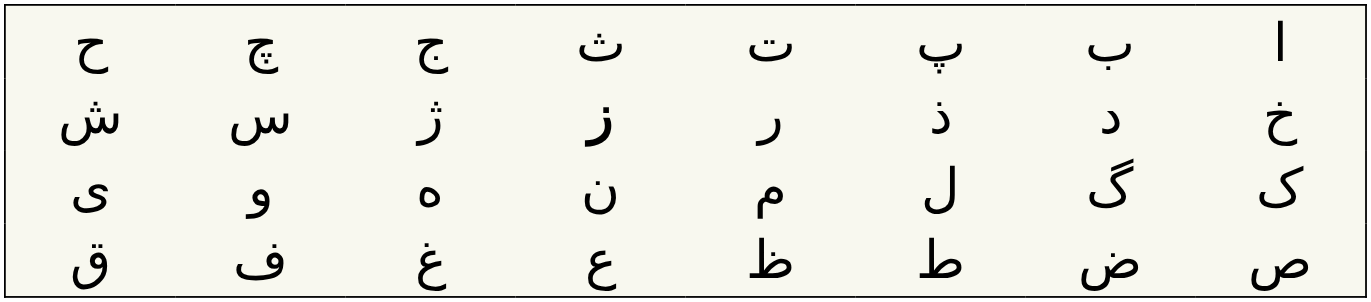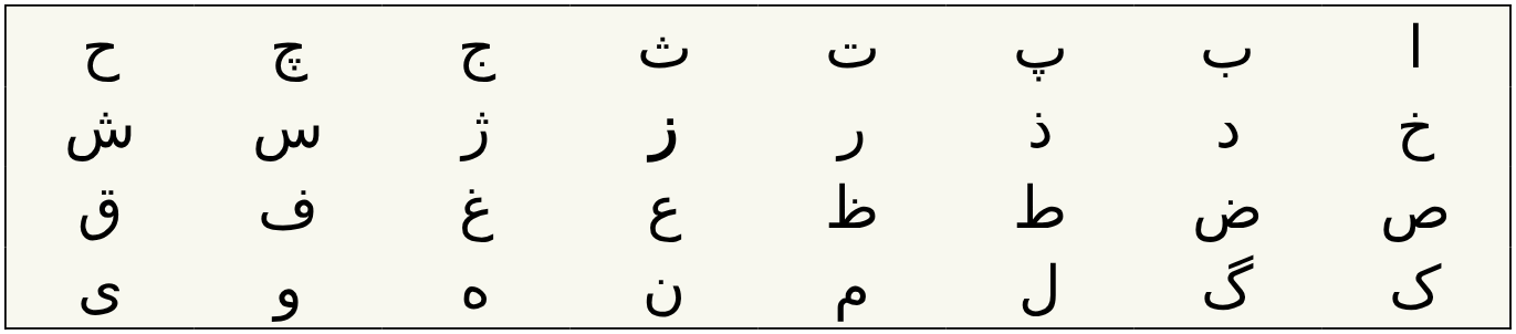 <table style="font-family:Arial; font-size:30px; border-color:#000000; border-width:1px; border-style:solid; border-collapse:collapse; background-color:#F8F8EF">
 <tr>
 <td style="width:3em; text-align:center; padding: 3px;">ح</td>
 <td style="width:3em; text-align:center; padding: 3px;">چ</td>
 <td style="width:3em; text-align:center; padding: 3px;">ج</td>
 <td style="width:3em; text-align:center; padding: 3px;">ث</td>
 <td style="width:3em; text-align:center; padding: 3px;">ت</td>
 <td style="width:3em; text-align:center; padding: 3px;">پ</td>
 <td style="width:3em; text-align:center; padding: 3px;">ب</td>
 <td style="width:3em; text-align:center; padding: 3px;">ا</td>
 </tr>
 <tr>
 <td style="width:3em; text-align:center; padding: 3px;">ش</td>
 <td style="width:3em; text-align:center; padding: 3px;">س</td>
 <td style="width:3em; text-align:center; padding: 3px;">ژ</td>
 <td style="width:3em; text-align:center; padding: 3px;"><strong>ز</strong></td>
 <td style="width:3em; text-align:center; padding: 3px;">ر</td>
 <td style="width:3em; text-align:center; padding: 3px;">ذ</td>
 <td style="width:3em; text-align:center; padding: 3px;">د</td>
 <td style="width:3em; text-align:center; padding: 3px;">خ</td>
 </tr>
 <tr>
+<td style="width:3em; text-align:center; padding: 3px;">ق</td>
+<td style="width:3em; text-align:center; padding: 3px;">ف</td>
+<td style="width:3em; text-align:center; padding: 3px;">غ</td>
+<td style="width:3em; text-align:center; padding: 3px;">ع</td>
+<td style="width:3em; text-align:center; padding: 3px;">ظ</td>
+<td style="width:3em; text-align:center; padding: 3px;">ط</td>
+<td style="width:3em; text-align:center; padding: 3px;">ض</td>
+<td style="width:3em; text-align:center; padding: 3px;">ص</td>
+</tr>
+<tr>
 <td style="width:3em; text-align:center; padding: 3px;">ی</td>
 <td style="width:3em; text-align:center; padding: 3px;">و</td>
 <td style="width:3em; text-align:center; padding: 3px;">ه</td>
 <td style="width:3em; text-align:center; padding: 3px;">ن</td>
 <td style="width:3em; text-align:center; padding: 3px;">م</td>
 <td style="width:3em; text-align:center; padding: 3px;">ل</td>
 <td style="width:3em; text-align:center; padding: 3px;">گ</td>
 <td style="width:3em; text-align:center; padding: 3px;">ک</td>
 </tr>
-<tr>
-<td style="width:3em; text-align:center; padding: 3px;">ق</td>
-<td style="width:3em; text-align:center; padding: 3px;">ف</td>
-<td style="width:3em; text-align:center; padding: 3px;">غ</td>
-<td style="width:3em; text-align:center; padding: 3px;">ع</td>
-<td style="width:3em; text-align:center; padding: 3px;">ظ</td>
-<td style="width:3em; text-align:center; padding: 3px;">ط</td>
-<td style="width:3em; text-align:center; padding: 3px;">ض</td>
-<td style="width:3em; text-align:center; padding: 3px;">ص</td>
-</tr>
 </table>
